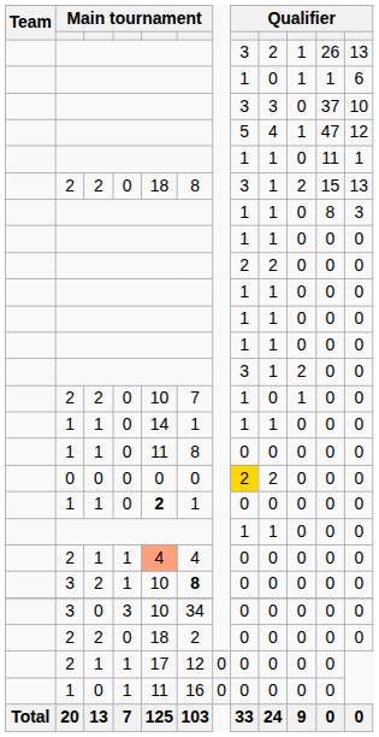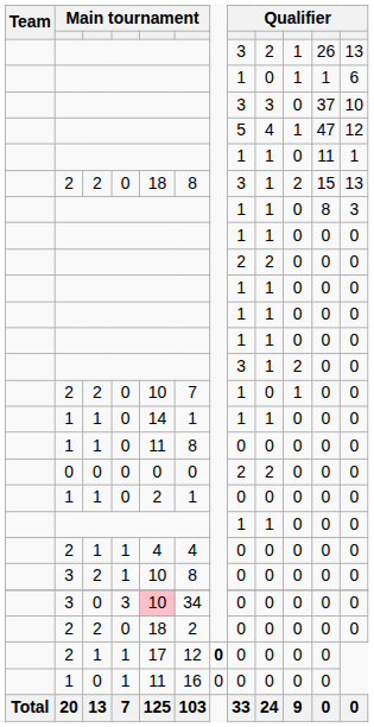 <table class="wikitable" style="border: none; text-align:center;">
 <tr>
 <th rowspan=2>Team</th>
 <th colspan=5>Main tournament</th>
 <td rowspan=26 style="width:1; border: none;"></td>
 <th colspan=5>Qualifier</th>
 </tr>
 <tr>
 <th width=20></th>
 <th width=20></th>
 <th width=20></th>
 <th width=20></th>
 <th width=20></th>
 <th width=20></th>
 <th width=20></th>
 <th width=20></th>
 <th width=20></th>
 <th width=20></th>
 </tr>
 <tr style="text-align:center;">
 <td style="text-align:left;"></td>
 <td colspan=5></td>
 <td>3</td>
 <td>2</td>
 <td>1</td>
 <td>26</td>
 <td>13</td>
 </tr>
 <tr style="text-align:center;">
 <td style="text-align:left;"></td>
 <td colspan=5></td>
 <td>1</td>
 <td>0</td>
 <td>1</td>
 <td>1</td>
 <td>6</td>
 </tr>
 <tr style="text-align:center;">
 <td style="text-align:left;"></td>
 <td colspan=5></td>
 <td>3</td>
 <td>3</td>
 <td>0</td>
 <td>37</td>
 <td>10</td>
 </tr>
 <tr style="text-align:center;">
 <td style="text-align:left;"></td>
 <td colspan=5></td>
 <td>5</td>
 <td>4</td>
 <td>1</td>
 <td>47</td>
 <td>12</td>
 </tr>
 <tr style="text-align:center;">
 <td style="text-align:left;"></td>
 <td colspan=5></td>
 <td>1</td>
 <td>1</td>
 <td>0</td>
 <td>11</td>
 <td>1</td>
 </tr>
 <tr style="text-align:center;">
 <td style="text-align:left;"></td>
 <td>2</td>
 <td>2</td>
 <td>0</td>
 <td>18</td>
 <td>8</td>
 <td>3</td>
 <td>1</td>
 <td>2</td>
 <td>15</td>
 <td>13</td>
 </tr>
 <tr style="text-align:center;">
 <td style="text-align:left;"></td>
 <td colspan=5></td>
 <td>1</td>
 <td>1</td>
 <td>0</td>
 <td>8</td>
 <td>3</td>
 </tr>
 <tr style="text-align:center;">
 <td style="text-align:left;"></td>
 <td colspan=5></td>
 <td>1</td>
 <td>1</td>
 <td>0</td>
 <td>0</td>
 <td>0</td>
 </tr>
 <tr style="text-align:center;">
 <td style="text-align:left;"></td>
 <td colspan=5></td>
 <td>2</td>
 <td>2</td>
 <td>0</td>
 <td>0</td>
 <td>0</td>
 </tr>
 <tr style="text-align:center;">
 <td style="text-align:left;"></td>
 <td colspan=5></td>
 <td>1</td>
 <td>1</td>
 <td>0</td>
 <td>0</td>
 <td>0</td>
 </tr>
 <tr style="text-align:center;">
 <td style="text-align:left;"></td>
 <td colspan=5></td>
 <td>1</td>
 <td>1</td>
 <td>0</td>
 <td>0</td>
 <td>0</td>
 </tr>
 <tr style="text-align:center;">
 <td style="text-align:left;"></td>
 <td colspan=5></td>
 <td>1</td>
 <td>1</td>
 <td>0</td>
 <td>0</td>
 <td>0</td>
 </tr>
 <tr style="text-align:center;">
 <td style="text-align:left;"></td>
 <td colspan=5></td>
 <td>3</td>
 <td>1</td>
 <td>2</td>
 <td>0</td>
 <td>0</td>
 </tr>
 <tr style="text-align:center;">
 <td style="text-align:left;"></td>
 <td>2</td>
 <td>2</td>
 <td>0</td>
 <td>10</td>
 <td>7</td>
 <td>1</td>
 <td>0</td>
 <td>1</td>
 <td>0</td>
 <td>0</td>
 </tr>
 <tr style="text-align:center;">
 <td style="text-align:left;"></td>
 <td>1</td>
 <td>1</td>
 <td>0</td>
 <td>14</td>
 <td>1</td>
 <td>1</td>
 <td>1</td>
 <td>0</td>
 <td>0</td>
 <td>0</td>
 </tr>
 <tr style="text-align:center;">
 <td style="text-align:left;"></td>
 <td>1</td>
 <td>1</td>
 <td>0</td>
 <td>11</td>
 <td>8</td>
 <td>0</td>
 <td>0</td>
 <td>0</td>
 <td>0</td>
 <td>0</td>
 </tr>
 <tr style="text-align:center;">
 <td style="text-align:left;"></td>
 <td>0</td>
 <td>0</td>
 <td>0</td>
 <td>0</td>
 <td>0</td>
-<td style="background: gold;">2</td>
+<td>2</td>
 <td>2</td>
 <td>0</td>
 <td>0</td>
 <td>0</td>
 </tr>
 <tr style="text-align:center;">
 <td style="text-align:left;"></td>
 <td>1</td>
 <td>1</td>
 <td>0</td>
-<td><strong>2</strong></td>
+<td>2</td>
 <td>1</td>
 <td>0</td>
 <td>0</td>
 <td>0</td>
 <td>0</td>
 <td>0</td>
 </tr>
 <tr style="text-align:center;">
 <td style="text-align:left;"></td>
 <td colspan=5></td>
 <td>1</td>
 <td>1</td>
 <td>0</td>
 <td>0</td>
 <td>0</td>
 </tr>
 <tr style="text-align:center;">
 <td style="text-align:left;"></td>
 <td>2</td>
 <td>1</td>
 <td>1</td>
-<td style="background: lightsalmon;">4</td>
+<td>4</td>
 <td>4</td>
 <td>0</td>
 <td>0</td>
 <td>0</td>
 <td>0</td>
 <td>0</td>
 </tr>
 <tr style="text-align:center;">
 <td style="text-align:left;"></td>
 <td>3</td>
 <td>2</td>
 <td>1</td>
 <td>10</td>
-<td><strong>8</strong></td>
+<td>8</td>
 <td>0</td>
 <td>0</td>
 <td>0</td>
 <td>0</td>
 <td>0</td>
 </tr>
 <tr style="text-align:center;">
 </tr>
 <tr style="text-align:center;">
 <td style="text-align:left;"></td>
 <td>3</td>
 <td>0</td>
 <td>3</td>
-<td>10</td>
+<td style="background: pink;">10</td>
 <td>34</td>
 <td>0</td>
 <td>0</td>
 <td>0</td>
 <td>0</td>
 <td>0</td>
 </tr>
 <tr style="text-align:center;">
 <td style="text-align:left;"></td>
 <td>2</td>
 <td>2</td>
 <td>0</td>
 <td>18</td>
 <td>2</td>
 <td>0</td>
 <td>0</td>
 <td>0</td>
 <td>0</td>
 <td>0</td>
 </tr>
 <tr style="text-align:center;">
 <td style="text-align:left;"></td>
 <td>2</td>
 <td>1</td>
 <td>1</td>
 <td>17</td>
 <td>12</td>
-<td>0</td>
+<td><strong>0</strong></td>
 <td>0</td>
 <td>0</td>
 <td>0</td>
 <td>0</td>
 </tr>
 <tr style="text-align:center;">
 <td style="text-align:left;"></td>
 <td>1</td>
 <td>0</td>
 <td>1</td>
 <td>11</td>
 <td>16</td>
 <td>0</td>
 <td>0</td>
 <td>0</td>
 <td>0</td>
 <td>0</td>
 </tr>
 <tr class="sortbottom">
 <th>Total</th>
 <th align=center>20</th>
 <th align=center>13</th>
 <th align=center>7</th>
 <th align=center>125</th>
 <th align=center>103</th>
 <td style="width:1; border: none;"></td>
 <th align=center>33</th>
 <th align=center>24</th>
 <th align=center>9</th>
 <th align=center>0</th>
 <th align=center>0</th>
 </tr>
 </table>
